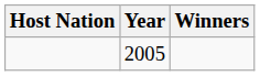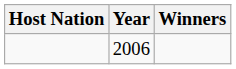 <table class="wikitable">
 <tr>
 <th>Host Nation</th>
 <th>Year</th>
 <th>Winners</th>
 </tr>
 <tr>
 <td></td>
-<td>2005</td>
+<td>2006</td>
 <td></td>
 </tr>
 </table>
